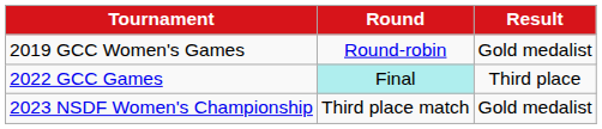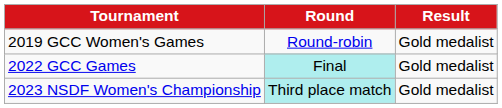 <table class="wikitable" style="text-align: center;">
 <tr>
 <th style="background: #D7141A; color: white;">Tournament</th>
 <th style="background: #D7141A; color: white;">Round</th>
 <th style="background: #D7141A; color: white;">Result</th>
 </tr>
 <tr>
 <td align=left> 2019 GCC Women's Games</td>
 <td><a href='#'>Round-robin</a></td>
 <td> Gold medalist</td>
 </tr>
 <tr>
 <td align=left> <a href='#'>2022 GCC Games</a></td>
 <td style="background: paleturquoise;">Final</td>
-<td> Third place</td>
+<td> Gold medalist</td>
 </tr>
 <tr>
 <td align=left> <a href='#'>2023 NSDF Women's Championship</a></td>
-<td>Third place match</td>
+<td style="background: paleturquoise;">Third place match</td>
 <td> Gold medalist</td>
 </tr>
 </table>
